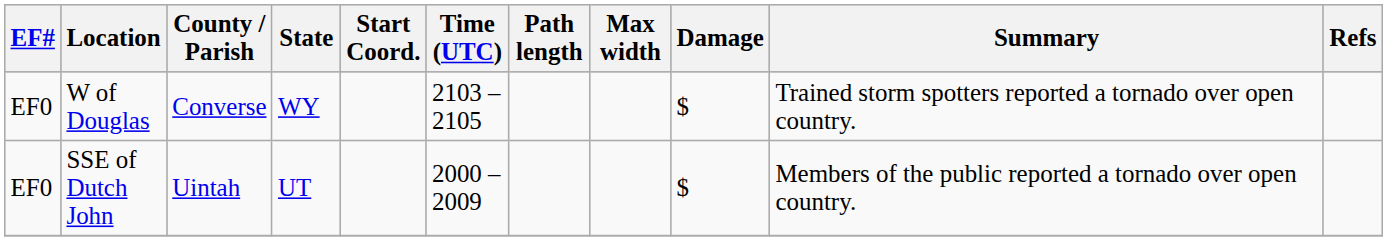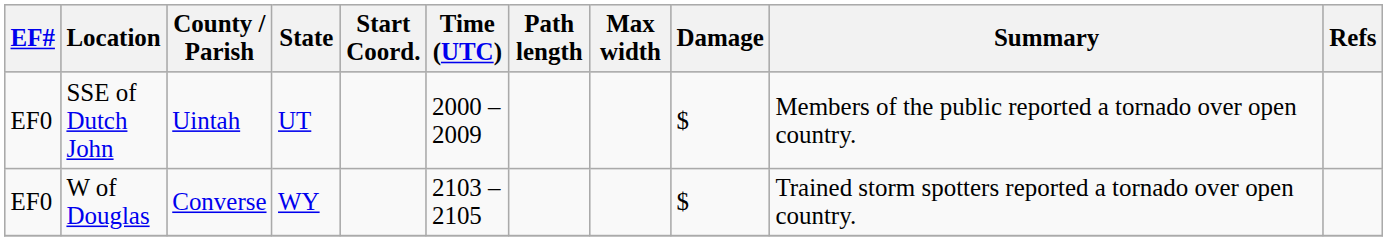 <table class="wikitable sortable" style="width:100%;">
 <tr>
 <th scope="col" width="3%" align="center"><a href='#'>EF#</a></th>
 <th scope="col" width="7%" align="center" class="unsortable">Location</th>
 <th scope="col" width="6%" align="center" class="unsortable">County / Parish</th>
 <th scope="col" width="5%" align="center">State</th>
 <th scope="col" width="6%" align="center">Start Coord.</th>
 <th scope="col" width="6%" align="center">Time (<a href='#'>UTC</a>)</th>
 <th scope="col" width="6%" align="center">Path length</th>
 <th scope="col" width="6%" align="center">Max width</th>
 <th scope="col" width="6%" align="center">Damage</th>
 <th scope="col" width="48%" class="unsortable" align="center">Summary</th>
 <th scope="col" width="48%" class="unsortable" align="center">Refs</th>
 </tr>
 <tr>
 <td>EF0</td>
+<td>SSE of <a href='#'>Dutch John</a></td>
+<td><a href='#'>Uintah</a></td>
+<td><a href='#'>UT</a></td>
+<td></td>
+<td>2000 – 2009</td>
+<td></td>
+<td></td>
+<td>$</td>
+<td>Members of the public reported a tornado over open country.</td>
+<td></td>
+</tr>
+<tr>
+<td>EF0</td>
 <td>W of <a href='#'>Douglas</a></td>
 <td><a href='#'>Converse</a></td>
 <td><a href='#'>WY</a></td>
 <td></td>
 <td>2103 – 2105</td>
 <td></td>
 <td></td>
 <td>$</td>
 <td>Trained storm spotters reported a tornado over open country.</td>
 <td></td>
 </tr>
 <tr>
-<td>EF0</td>
-<td>SSE of <a href='#'>Dutch John</a></td>
-<td><a href='#'>Uintah</a></td>
-<td><a href='#'>UT</a></td>
-<td></td>
-<td>2000 – 2009</td>
-<td></td>
-<td></td>
-<td>$</td>
-<td>Members of the public reported a tornado over open country.</td>
-<td></td>
-</tr>
-<tr>
 </tr>
 </table>
